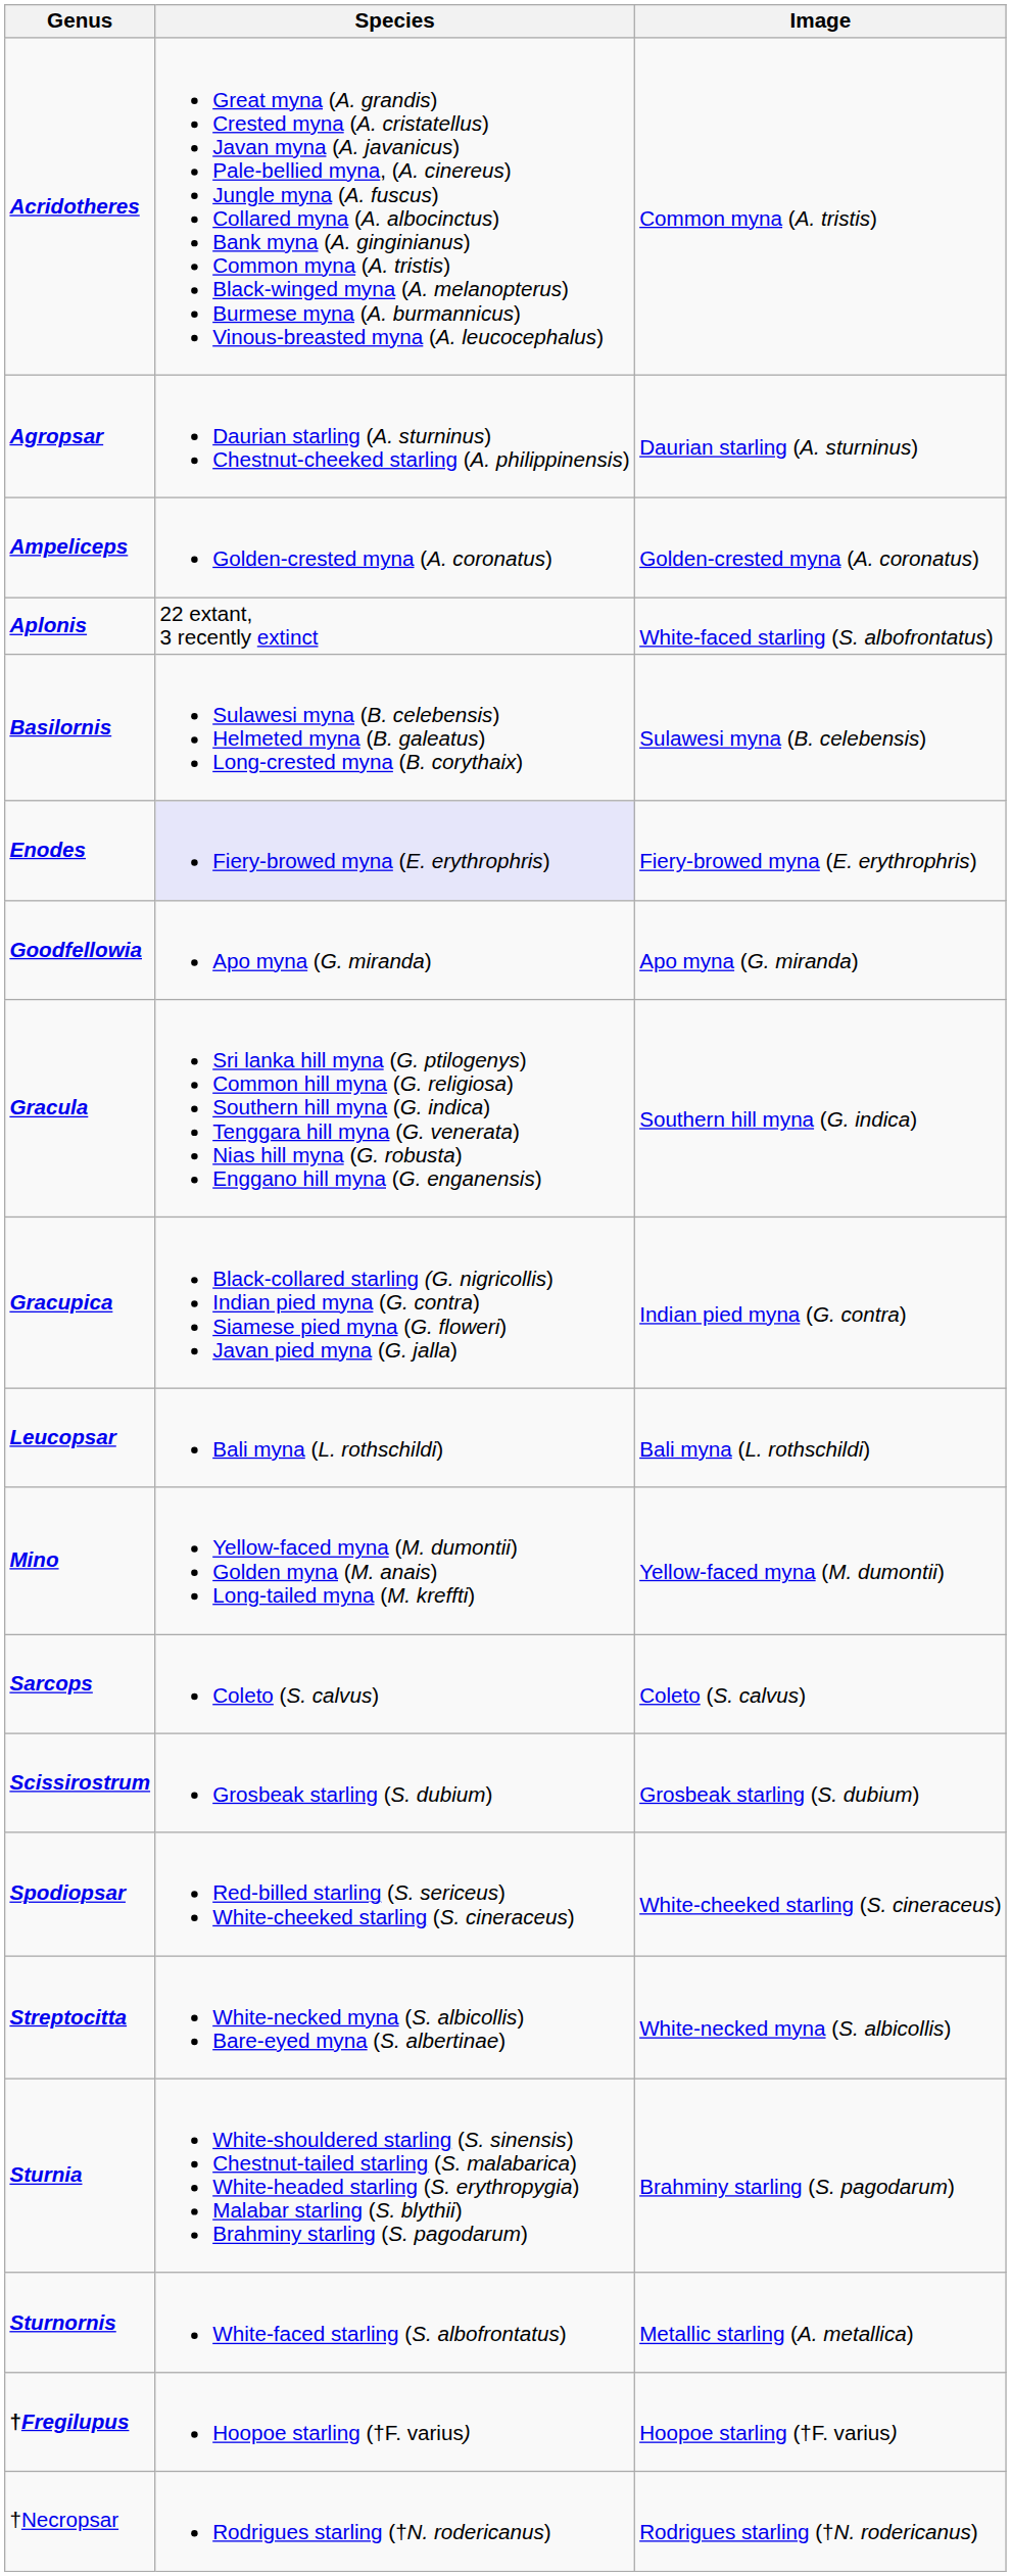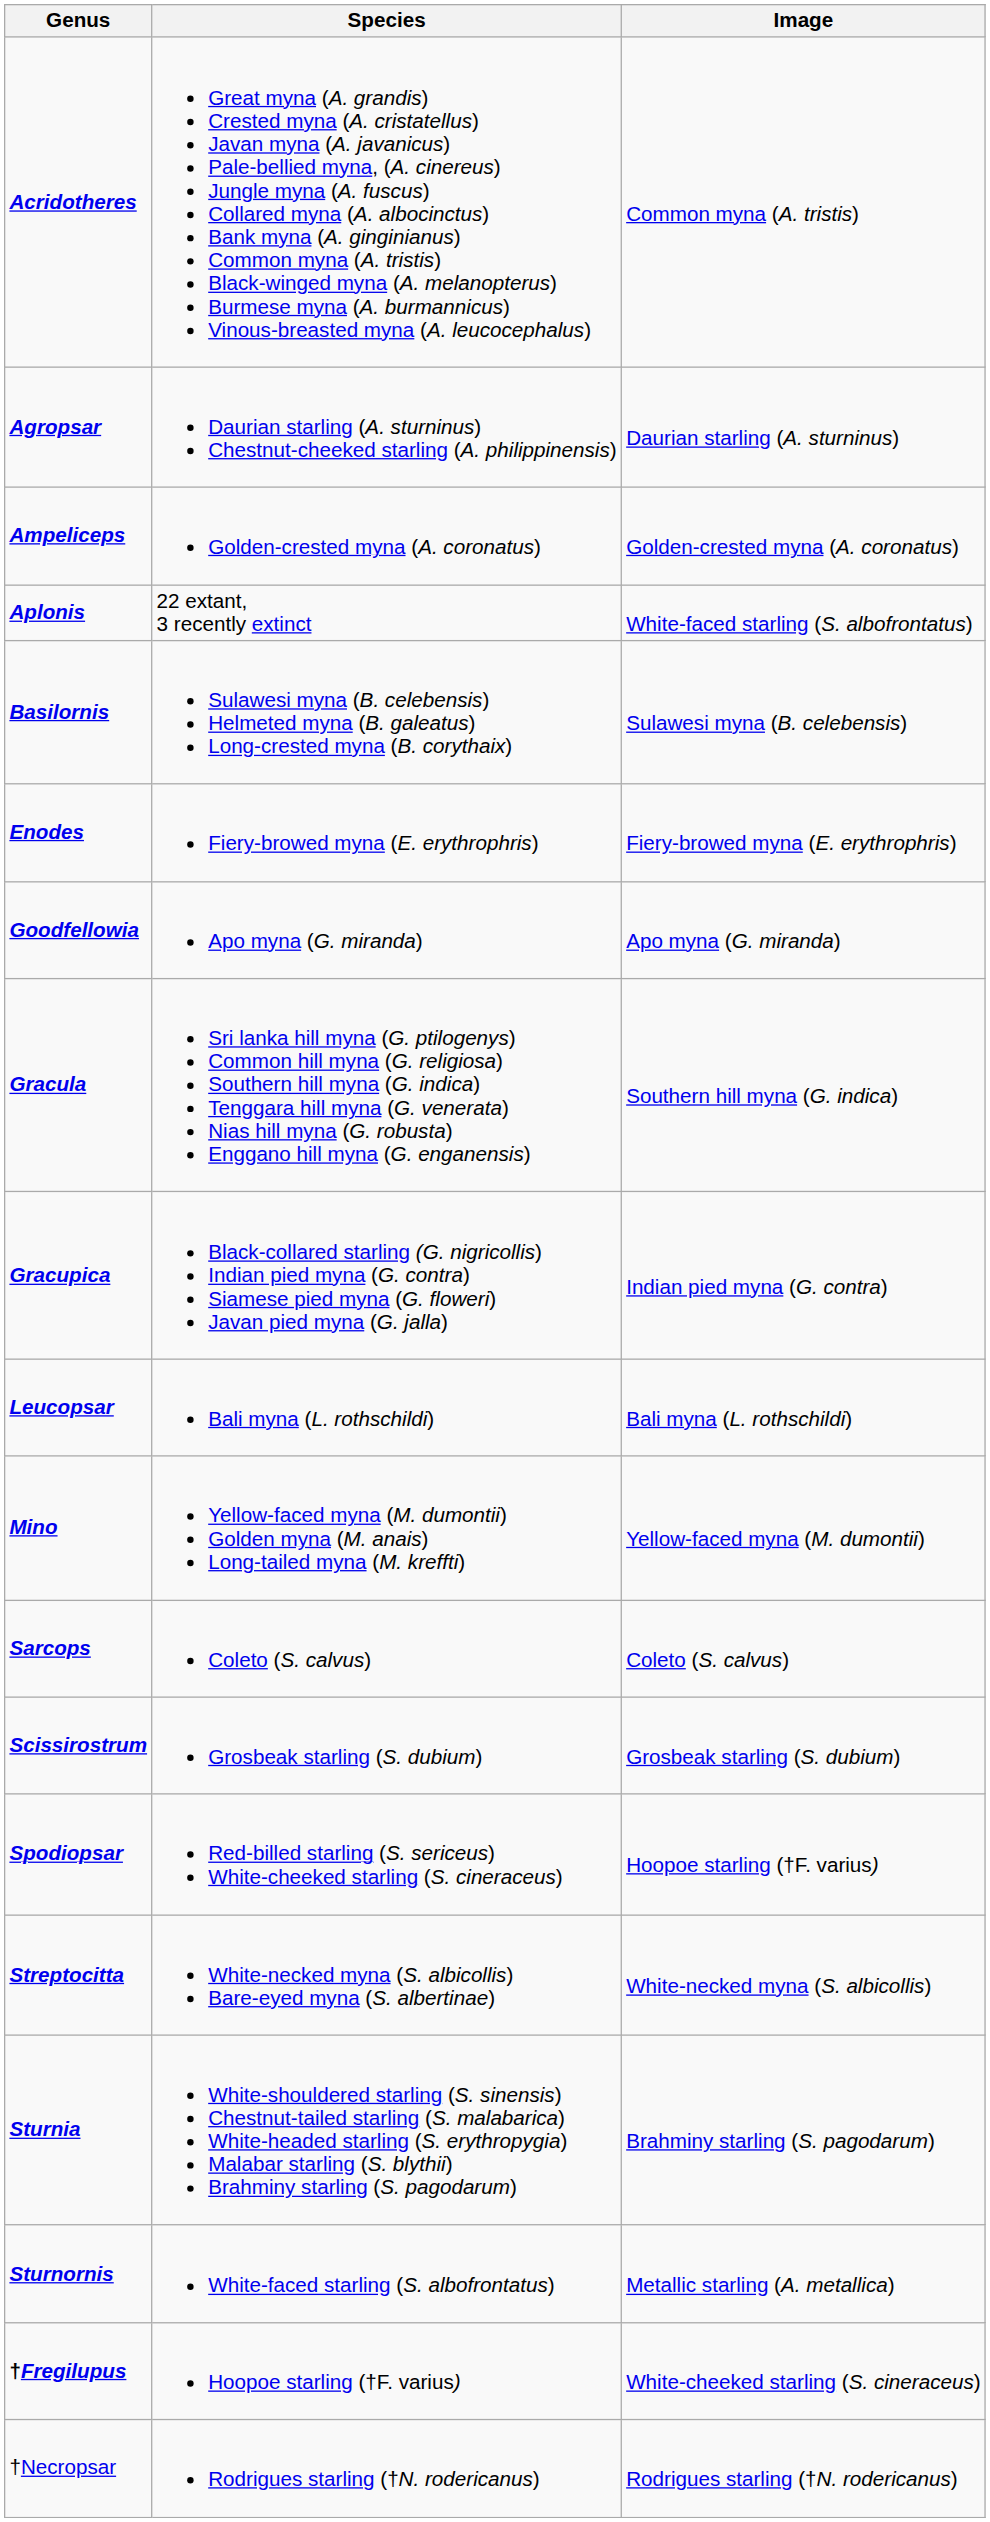 <table class="wikitable">
 <tr>
 <th>Genus</th>
 <th>Species</th>
 <th>Image</th>
 </tr>
 <tr>
 <td><strong><em><a href='#'>Acridotheres</a></em></strong></td>
 <td><br><ul><li><a href='#'>Great myna</a> (<em>A. grandis</em>)</li><li><a href='#'>Crested myna</a> (<em>A. cristatellus</em>)</li><li><a href='#'>Javan myna</a> (<em>A. javanicus</em>)</li><li><a href='#'>Pale-bellied myna</a>, (<em>A. cinereus</em>)</li><li><a href='#'>Jungle myna</a> (<em>A. fuscus</em>)</li><li><a href='#'>Collared myna</a> (<em>A. albocinctus</em>)</li><li><a href='#'>Bank myna</a> (<em>A. ginginianus</em>)</li><li><a href='#'>Common myna</a> (<em>A. tristis</em>)</li><li><a href='#'>Black-winged myna</a> (<em>A. melanopterus</em>)</li><li><a href='#'>Burmese myna</a> (<em>A. burmannicus</em>)</li><li><a href='#'>Vinous-breasted myna</a> (<em>A. leucocephalus</em>)</li></ul></td>
 <td><br><a href='#'>Common myna</a> (<em>A. tristis</em>)</td>
 </tr>
 <tr>
 <td><strong><em><a href='#'>Agropsar</a></em></strong><br></td>
 <td><br><ul><li><a href='#'>Daurian starling</a> (<em>A. sturninus</em>)</li><li><a href='#'>Chestnut-cheeked starling</a> (<em>A. philippinensis</em>)</li></ul></td>
 <td><br><a href='#'>Daurian starling</a>  (<em>A. sturninus</em>)</td>
 </tr>
 <tr>
 <td><strong><em><a href='#'>Ampeliceps</a></em></strong></td>
 <td><br><ul><li><a href='#'>Golden-crested myna</a> (<em>A. coronatus</em>)</li></ul></td>
 <td><br><a href='#'>Golden-crested myna</a>  (<em>A. coronatus</em>)</td>
 </tr>
 <tr>
 <td><strong><em><a href='#'>Aplonis</a></em></strong></td>
 <td>22 extant,<br>3 recently <a href='#'>extinct</a></td>
 <td><br><a href='#'>White-faced starling</a>  (<em>S. albofrontatus</em>)</td>
 </tr>
 <tr>
 <td><strong><em><a href='#'>Basilornis</a></em></strong></td>
 <td><br><ul><li><a href='#'>Sulawesi myna</a> (<em>B. celebensis</em>)</li><li><a href='#'>Helmeted myna</a> (<em>B. galeatus</em>)</li><li><a href='#'>Long-crested myna</a> (<em>B. corythaix</em>)</li></ul></td>
 <td><br><a href='#'>Sulawesi myna</a>  (<em>B. celebensis</em>)</td>
 </tr>
 <tr>
 <td><strong><em><a href='#'>Enodes</a></em></strong></td>
-<td style="background: lavender;"><br><ul><li><a href='#'>Fiery-browed myna</a> (<em>E. erythrophris</em>)</li></ul></td>
+<td><br><ul><li><a href='#'>Fiery-browed myna</a> (<em>E. erythrophris</em>)</li></ul></td>
 <td><br><a href='#'>Fiery-browed myna</a>  (<em>E. erythrophris</em>)</td>
 </tr>
 <tr>
 <td><strong><em><a href='#'>Goodfellowia</a></em></strong></td>
 <td><br><ul><li><a href='#'>Apo myna</a> (<em>G. miranda</em>)</li></ul></td>
 <td><br><a href='#'>Apo myna</a>  (<em>G. miranda</em>)</td>
 </tr>
 <tr>
 <td><strong><em><a href='#'>Gracula</a></em></strong></td>
 <td><br><ul><li><a href='#'>Sri lanka hill myna</a> (<em>G. ptilogenys</em>)</li><li><a href='#'>Common hill myna</a> (<em>G. religiosa</em>)</li><li><a href='#'>Southern hill myna</a> (<em>G. indica</em>)</li><li><a href='#'>Tenggara hill myna</a> (<em>G. venerata</em>)</li><li><a href='#'>Nias hill myna</a> (<em>G. robusta</em>)</li><li><a href='#'>Enggano hill myna</a> (<em>G. enganensis</em>)</li></ul></td>
 <td><br><a href='#'>Southern hill myna</a>  (<em>G. indica</em>)</td>
 </tr>
 <tr>
 <td><strong><em><a href='#'>Gracupica</a></em></strong></td>
 <td><br><ul><li><a href='#'>Black-collared starling</a> <em>(G. nigricollis</em>)</li><li><a href='#'>Indian pied myna</a> (<em>G. contra</em>)</li><li><a href='#'>Siamese pied myna</a> (<em>G. floweri</em>)</li><li><a href='#'>Javan pied myna</a> (<em>G. jalla</em>)</li></ul></td>
 <td><br><a href='#'>Indian pied myna</a>  (<em>G. contra</em>)</td>
 </tr>
 <tr>
 <td><strong><em><a href='#'>Leucopsar</a></em></strong></td>
 <td><br><ul><li><a href='#'>Bali myna</a> (<em>L. rothschildi</em>)</li></ul></td>
 <td><br><a href='#'>Bali myna</a>  (<em>L. rothschildi</em>)</td>
 </tr>
 <tr>
 <td><strong><em><a href='#'>Mino</a></em></strong></td>
 <td><br><ul><li><a href='#'>Yellow-faced myna</a> (<em>M. dumontii</em>)</li><li><a href='#'>Golden myna</a> (<em>M. anais</em>)</li><li><a href='#'>Long-tailed myna</a> (<em>M. kreffti</em>)</li></ul></td>
 <td><br><a href='#'>Yellow-faced myna</a>  (<em>M. dumontii</em>)</td>
 </tr>
 <tr>
 <td><strong><em><a href='#'>Sarcops</a></em></strong></td>
 <td><br><ul><li><a href='#'>Coleto</a> (<em>S. calvus</em>)</li></ul></td>
 <td><br><a href='#'>Coleto</a>  (<em>S. calvus</em>)</td>
 </tr>
 <tr>
 <td><strong><em><a href='#'>Scissirostrum</a></em></strong></td>
 <td><br><ul><li><a href='#'>Grosbeak starling</a> (<em>S. dubium</em>)</li></ul></td>
 <td><br><a href='#'>Grosbeak starling</a>  (<em>S. dubium</em>)</td>
 </tr>
 <tr>
 <td><strong><em><a href='#'>Spodiopsar</a></em></strong></td>
 <td><br><ul><li><a href='#'>Red-billed starling</a> (<em>S. sericeus</em>)</li><li><a href='#'>White-cheeked starling</a> (<em>S. cineraceus</em>)</li></ul></td>
-<td><br><a href='#'>White-cheeked starling</a>  (<em>S. cineraceus</em>)</td>
+<td><br><a href='#'>Hoopoe starling</a>  (†</em>F. varius<em>)</td>
 </tr>
 <tr>
 <td><strong><em><a href='#'>Streptocitta</a></em></strong></td>
 <td><br><ul><li><a href='#'>White-necked myna</a> (<em>S. albicollis</em>)</li><li><a href='#'>Bare-eyed myna</a> (<em>S. albertinae</em>)</li></ul></td>
 <td><br><a href='#'>White-necked myna</a>  (<em>S. albicollis</em>)</td>
 </tr>
 <tr>
 <td><strong><em><a href='#'>Sturnia</a></em></strong><br></td>
 <td><br><ul><li><a href='#'>White-shouldered starling</a> (<em>S. sinensis</em>)</li><li><a href='#'>Chestnut-tailed starling</a> (<em>S. malabarica</em>)</li><li><a href='#'>White-headed starling</a> (<em>S. erythropygia</em>)</li><li><a href='#'>Malabar starling</a> (<em>S. blythii</em>)</li><li><a href='#'>Brahminy starling</a> (<em>S. pagodarum</em>)</li></ul></td>
 <td><br><a href='#'>Brahminy starling</a>  (<em>S. pagodarum</em>)</td>
 </tr>
 <tr>
 <td><strong><em><a href='#'>Sturnornis</a></em></strong></td>
 <td><br><ul><li><a href='#'>White-faced starling</a> (<em>S. albofrontatus</em>)</li></ul></td>
 <td><br><a href='#'>Metallic starling</a>  (<em>A. metallica</em>)</td>
 </tr>
 <tr>
 <td><strong>†<em><a href='#'>Fregilupus</a><strong><em></td>
 <td><br><ul><li><a href='#'>Hoopoe starling</a> (†</em>F. varius<em>)</li></ul></td>
-<td><br><a href='#'>Hoopoe starling</a>  (†</em>F. varius<em>)</td>
+<td><br><a href='#'>White-cheeked starling</a>  (<em>S. cineraceus</em>)</td>
 </tr>
 <tr>
 <td></strong>†</em><a href='#'>Necropsar</a></em></strong></td>
 <td><br><ul><li><a href='#'>Rodrigues starling</a> (†<em>N. rodericanus</em>)</li></ul></td>
 <td><br><a href='#'>Rodrigues starling</a>  (†<em>N. rodericanus</em>)</td>
 </tr>
 </table>
